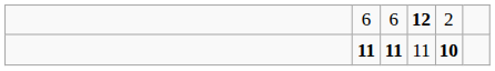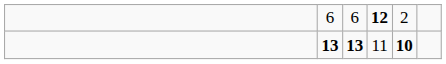 <table class="wikitable">
 <tr>
 <td style="width:18em"></td>
 <td align=center style="width:1em">6</td>
 <td align=center style="width:1em">6</td>
 <td align=center style="width:1em"><strong>12</strong></td>
 <td align=center style="width:1em">2</td>
 <td align=center style="width:1em"></td>
 </tr>
 <tr>
 <td style="width:18em"><strong> </strong></td>
-<td align=center style="width:1em"><strong>11</strong></td>
-<td align=center style="width:1em"><strong>11</strong></td>
+<td align=center style="width:1em"><strong>13</strong></td>
+<td align=center style="width:1em"><strong>13</strong></td>
 <td align=center style="width:1em">11</td>
 <td align=center style="width:1em"><strong>10</strong></td>
 <td align=center style="width:1em"></td>
 </tr>
 </table>
